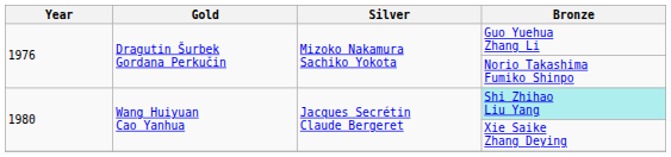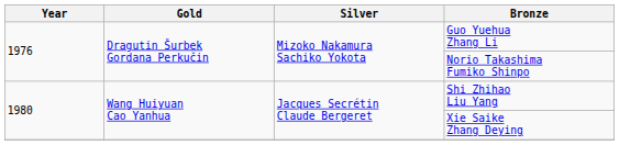 <table class="wikitable" style="text-align: left; width: 750px;">
 <tr>
 <th width="100">Year</th>
 <th width="175">Gold</th>
 <th width="175">Silver</th>
 <th width="175">Bronze</th>
 </tr>
 <tr>
 <td rowspan=2>1976</td>
 <td rowspan=2> <a href='#'>Dragutin Šurbek</a><br> <a href='#'>Gordana Perkučin</a></td>
 <td rowspan=2> <a href='#'>Mizoko Nakamura</a><br> <a href='#'>Sachiko Yokota</a></td>
 <td> <a href='#'>Guo Yuehua</a><br> <a href='#'>Zhang Li</a></td>
 </tr>
 <tr>
 <td> <a href='#'>Norio Takashima</a><br> <a href='#'>Fumiko Shinpo</a></td>
 </tr>
 <tr>
 <td rowspan=2>1980</td>
 <td rowspan=2> <a href='#'>Wang Huiyuan</a><br> <a href='#'>Cao Yanhua</a></td>
 <td rowspan=2> <a href='#'>Jacques Secrétin</a><br> <a href='#'>Claude Bergeret</a></td>
-<td style="background: paleturquoise;"> <a href='#'>Shi Zhihao</a><br> <a href='#'>Liu Yang</a></td>
+<td> <a href='#'>Shi Zhihao</a><br> <a href='#'>Liu Yang</a></td>
 </tr>
 <tr>
 <td> <a href='#'>Xie Saike</a><br> <a href='#'>Zhang Deying</a></td>
 </tr>
 <tr>
 </tr>
 </table>
